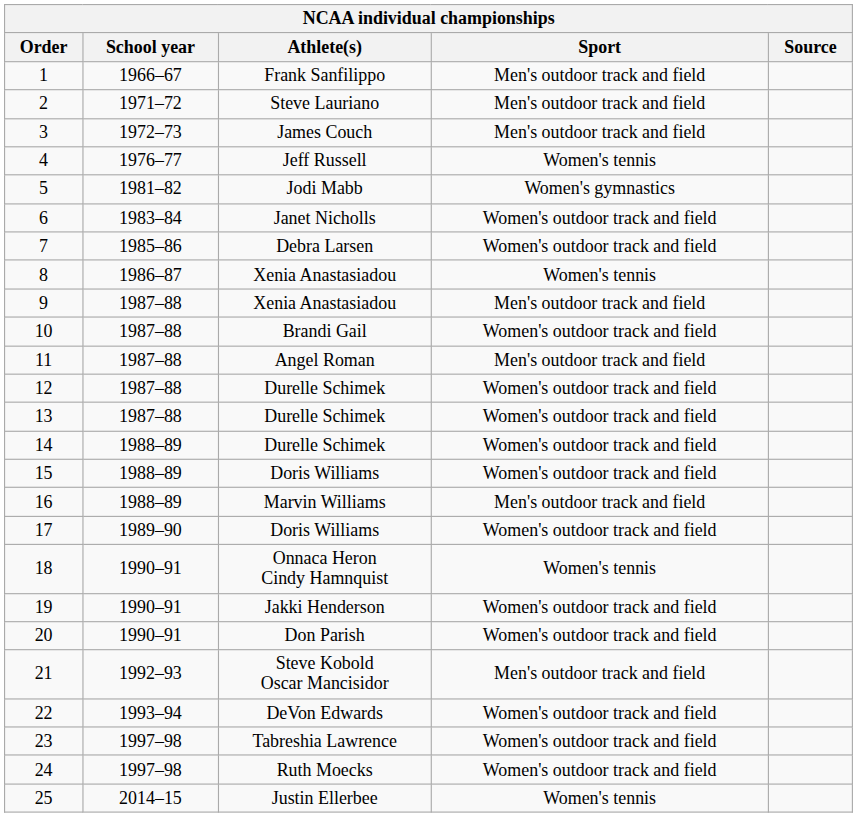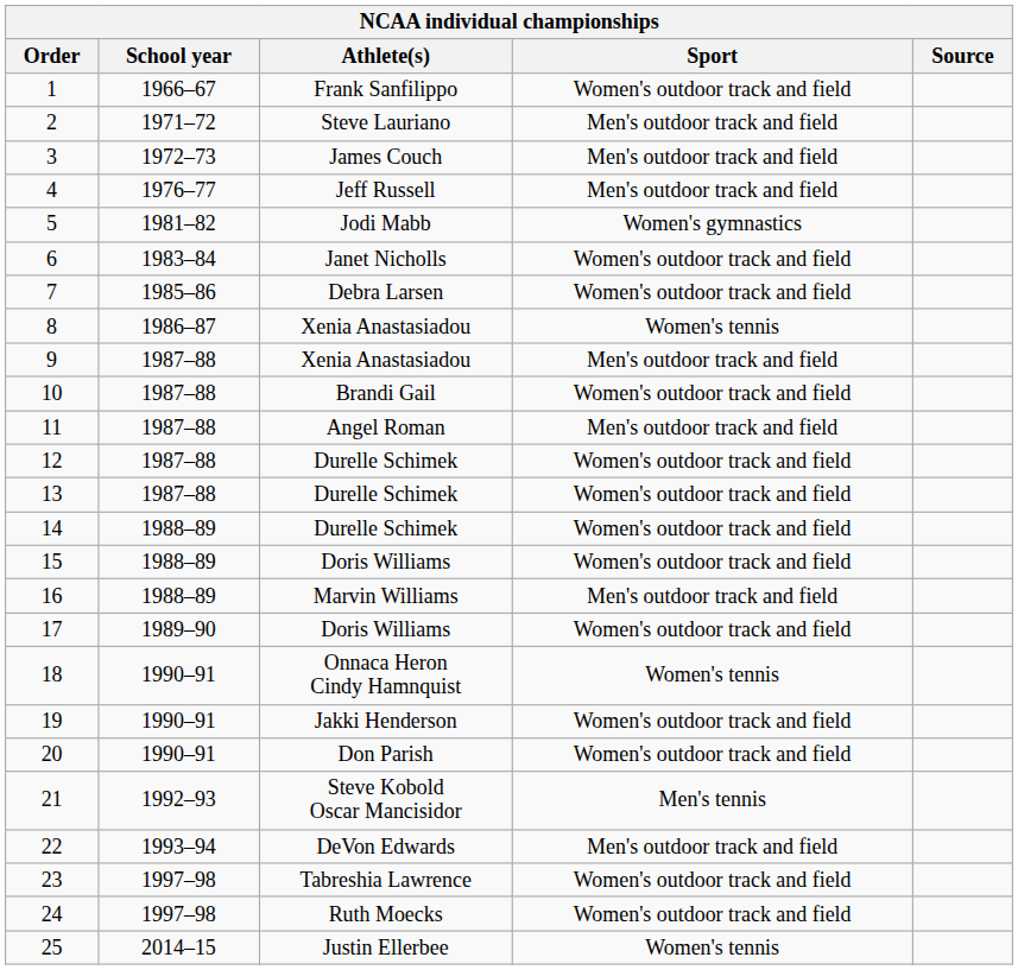 <table class="wikitable sortable" width="60%">
 <tr align="center">
 <th colspan=5>NCAA individual championships</th>
 </tr>
 <tr>
 <th>Order</th>
 <th>School year</th>
 <th>Athlete(s)</th>
 <th>Sport</th>
 <th>Source</th>
 </tr>
 <tr align="center" bgcolor="">
 <td>1</td>
 <td>1966–67</td>
 <td>Frank Sanfilippo</td>
-<td>Men's outdoor track and field</td>
+<td>Women's outdoor track and field</td>
 <td></td>
 </tr>
 <tr align="center" bgcolor="">
 <td>2</td>
 <td>1971–72</td>
 <td>Steve Lauriano</td>
 <td>Men's outdoor track and field</td>
 <td></td>
 </tr>
 <tr align="center" bgcolor="">
 <td>3</td>
 <td>1972–73</td>
 <td>James Couch</td>
 <td>Men's outdoor track and field</td>
 <td></td>
 </tr>
 <tr align="center" bgcolor="">
 <td>4</td>
 <td>1976–77</td>
 <td>Jeff Russell</td>
-<td>Women's tennis</td>
+<td>Men's outdoor track and field</td>
 <td></td>
 </tr>
 <tr align="center" bgcolor="">
 <td>5</td>
 <td>1981–82</td>
 <td>Jodi Mabb</td>
 <td>Women's gymnastics</td>
 <td></td>
 </tr>
 <tr align="center" bgcolor="">
 <td>6</td>
 <td>1983–84</td>
 <td>Janet Nicholls</td>
 <td>Women's outdoor track and field</td>
 <td></td>
 </tr>
 <tr align="center" bgcolor="">
 <td>7</td>
 <td>1985–86</td>
 <td>Debra Larsen</td>
 <td>Women's outdoor track and field</td>
 <td></td>
 </tr>
 <tr align="center" bgcolor="">
 <td>8</td>
 <td>1986–87</td>
 <td>Xenia Anastasiadou</td>
 <td>Women's tennis</td>
 <td></td>
 </tr>
 <tr align="center" bgcolor="">
 <td>9</td>
 <td>1987–88</td>
 <td>Xenia Anastasiadou</td>
 <td>Men's outdoor track and field</td>
 <td></td>
 </tr>
 <tr align="center" bgcolor="">
 <td>10</td>
 <td>1987–88</td>
 <td>Brandi Gail</td>
 <td>Women's outdoor track and field</td>
 <td></td>
 </tr>
 <tr align="center" bgcolor="">
 <td>11</td>
 <td>1987–88</td>
 <td>Angel Roman</td>
 <td>Men's outdoor track and field</td>
 <td></td>
 </tr>
 <tr align="center" bgcolor="">
 <td>12</td>
 <td>1987–88</td>
 <td>Durelle Schimek</td>
 <td>Women's outdoor track and field</td>
 <td></td>
 </tr>
 <tr align="center" bgcolor="">
 <td>13</td>
 <td>1987–88</td>
 <td>Durelle Schimek</td>
 <td>Women's outdoor track and field</td>
 <td></td>
 </tr>
 <tr align="center" bgcolor="">
 <td>14</td>
 <td>1988–89</td>
 <td>Durelle Schimek</td>
 <td>Women's outdoor track and field</td>
 <td></td>
 </tr>
 <tr align="center" bgcolor="">
 <td>15</td>
 <td>1988–89</td>
 <td>Doris Williams</td>
 <td>Women's outdoor track and field</td>
 <td></td>
 </tr>
 <tr align="center" bgcolor="">
 <td>16</td>
 <td>1988–89</td>
 <td>Marvin Williams</td>
 <td>Men's outdoor track and field</td>
 <td></td>
 </tr>
 <tr align="center" bgcolor="">
 <td>17</td>
 <td>1989–90</td>
 <td>Doris Williams</td>
 <td>Women's outdoor track and field</td>
 <td></td>
 </tr>
 <tr align="center" bgcolor="">
 <td>18</td>
 <td>1990–91</td>
 <td>Onnaca Heron<br>Cindy Hamnquist</td>
 <td>Women's tennis</td>
 <td></td>
 </tr>
 <tr align="center" bgcolor="">
 <td>19</td>
 <td>1990–91</td>
 <td>Jakki Henderson</td>
 <td>Women's outdoor track and field</td>
 <td></td>
 </tr>
 <tr align="center" bgcolor="">
 <td>20</td>
 <td>1990–91</td>
 <td>Don Parish</td>
 <td>Women's outdoor track and field</td>
 <td></td>
 </tr>
 <tr align="center" bgcolor="">
 <td>21</td>
 <td>1992–93</td>
 <td>Steve Kobold<br>Oscar Mancisidor</td>
-<td>Men's outdoor track and field</td>
+<td>Men's tennis</td>
 <td></td>
 </tr>
 <tr align="center" bgcolor="">
 <td>22</td>
 <td>1993–94</td>
 <td>DeVon Edwards</td>
-<td>Women's outdoor track and field</td>
+<td>Men's outdoor track and field</td>
 <td></td>
 </tr>
 <tr align="center" bgcolor="">
 <td>23</td>
 <td>1997–98</td>
 <td>Tabreshia Lawrence</td>
 <td>Women's outdoor track and field</td>
 <td></td>
 </tr>
 <tr align="center" bgcolor="">
 <td>24</td>
 <td>1997–98</td>
 <td>Ruth Moecks</td>
 <td>Women's outdoor track and field</td>
 <td></td>
 </tr>
 <tr align="center" bgcolor="">
 <td>25</td>
 <td>2014–15</td>
 <td>Justin Ellerbee</td>
 <td>Women's tennis</td>
 <td></td>
 </tr>
 </table>
